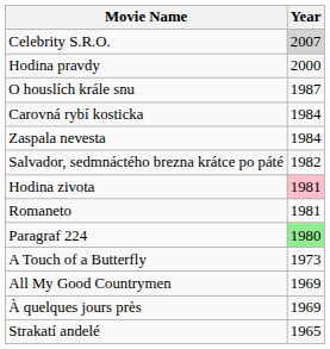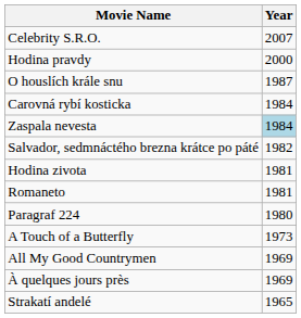 <table class="wikitable">
 <tr>
 <th>Movie Name</th>
 <th>Year</th>
 </tr>
 <tr>
 <td>Celebrity S.R.O.</td>
-<td style="background: lightgrey;">2007</td>
+<td>2007</td>
 </tr>
 <tr>
 <td>Hodina pravdy</td>
 <td>2000</td>
 </tr>
 <tr>
 <td>O houslích krále snu</td>
 <td>1987</td>
 </tr>
 <tr>
 <td>Carovná rybí kosticka</td>
 <td>1984</td>
 </tr>
 <tr>
 <td>Zaspala nevesta</td>
-<td>1984</td>
+<td style="background: lightblue;">1984</td>
 </tr>
 <tr>
 <td>Salvador, sedmnáctého brezna krátce po páté</td>
 <td>1982</td>
 </tr>
 <tr>
 <td>Hodina zivota</td>
-<td style="background: pink;">1981</td>
+<td>1981</td>
 </tr>
 <tr>
 <td>Romaneto</td>
 <td>1981</td>
 </tr>
 <tr>
 <td>Paragraf 224</td>
-<td style="background: lightgreen;">1980</td>
+<td>1980</td>
 </tr>
 <tr>
 <td>A Touch of a Butterfly</td>
 <td>1973</td>
 </tr>
 <tr>
 <td>All My Good Countrymen</td>
 <td>1969</td>
 </tr>
 <tr>
 <td>À quelques jours près</td>
 <td>1969</td>
 </tr>
 <tr>
 <td>Strakatí andelé</td>
 <td>1965</td>
 </tr>
 </table>
